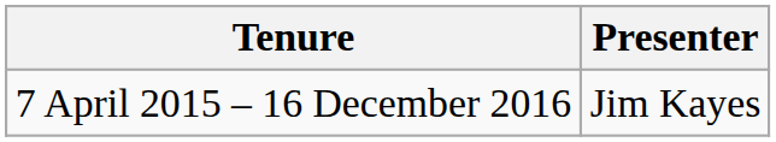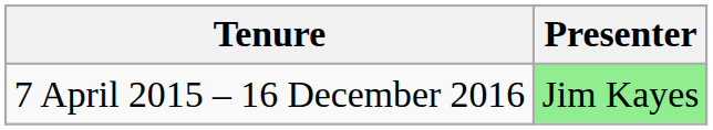 <table class=wikitable>
 <tr>
 <th>Tenure</th>
 <th>Presenter</th>
 </tr>
 <tr>
 <td>7 April 2015 – 16 December 2016</td>
-<td>Jim Kayes</td>
+<td style="background: lightgreen;">Jim Kayes</td>
 </tr>
 </table>
